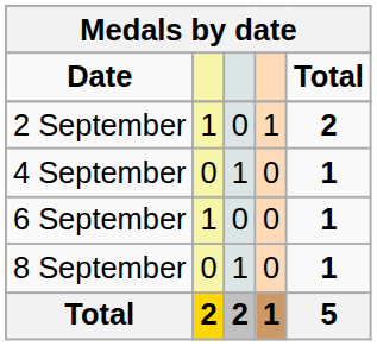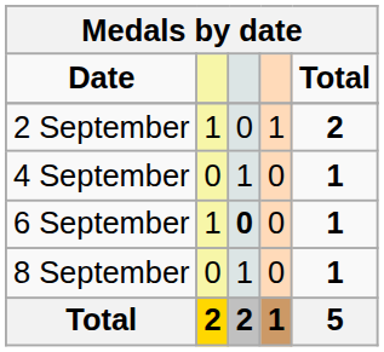 <table class="wikitable" style="font-size:85%">
 <tr bgcolor="#efefef">
 <th colspan=6>Medals by date</th>
 </tr>
 <tr align=center>
 <td><strong>Date</strong></td>
 <td bgcolor=#f7f6a8></td>
 <td bgcolor=#dce5e5></td>
 <td bgcolor=#ffdab9></td>
 <td><strong>Total</strong></td>
 </tr>
 <tr align=center>
 </tr>
 <tr align=center>
 <td>2 September</td>
 <td style="background:#F7F6A8;">1</td>
 <td style="background:#DCE5E5;">0</td>
 <td style="background:#FFDAB9;">1</td>
 <td><strong>2</strong></td>
 </tr>
 <tr align=center>
 <td>4 September</td>
 <td style="background:#F7F6A8;">0</td>
 <td style="background:#DCE5E5;">1</td>
 <td style="background:#FFDAB9;">0</td>
 <td><strong>1</strong></td>
 </tr>
 <tr align=center>
 <td>6 September</td>
 <td style="background:#F7F6A8;">1</td>
-<td style="background:#DCE5E5;">0</td>
+<td style="background:#DCE5E5;"><strong>0</strong></td>
 <td style="background:#FFDAB9;">0</td>
 <td><strong>1</strong></td>
 </tr>
 <tr align=center>
 <td>8 September</td>
 <td style="background:#F7F6A8;">0</td>
 <td style="background:#DCE5E5;">1</td>
 <td style="background:#FFDAB9;">0</td>
 <td><strong>1</strong></td>
 </tr>
 <tr align=center>
 <th><strong>Total</strong></th>
 <th style="background:gold;"><strong>2</strong></th>
 <th style="background:silver;"><strong>2</strong></th>
 <th style="background:#c96;"><strong>1</strong></th>
 <th>5</th>
 </tr>
 </table>
